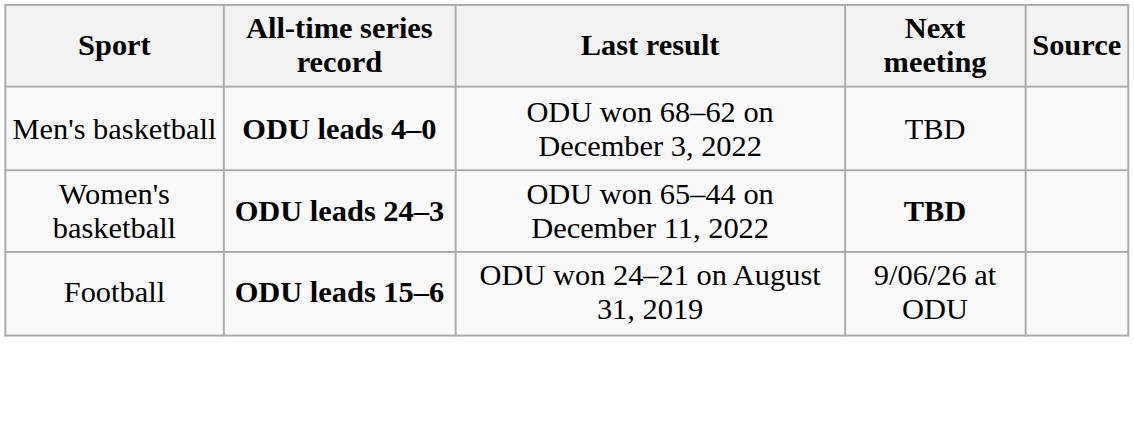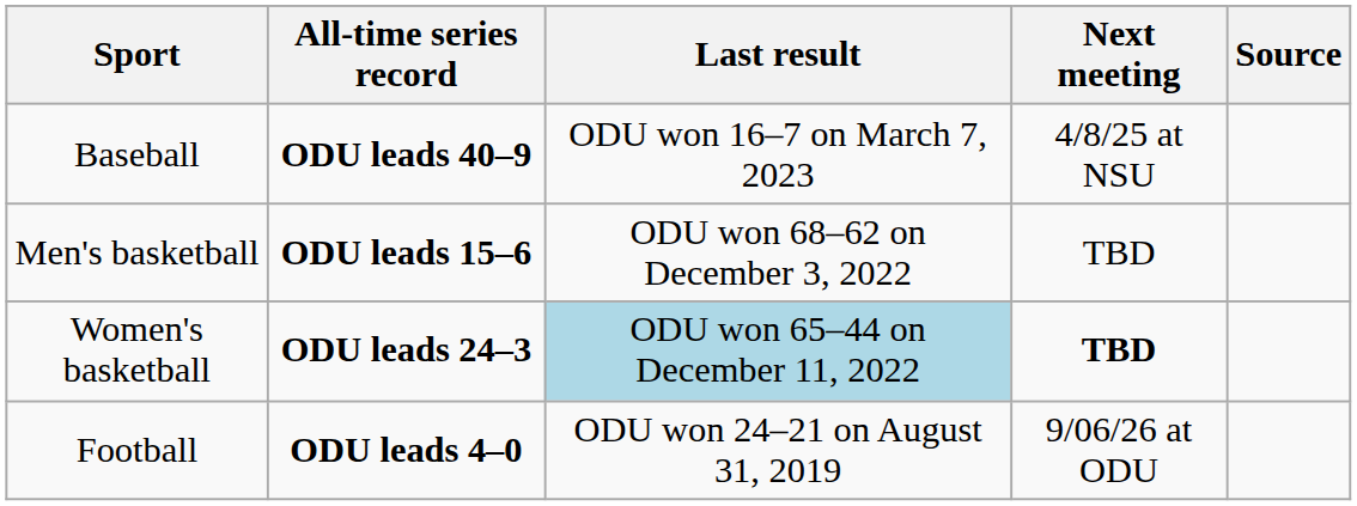 <table class="wikitable" style="margin-left: 1em; margin-bottom: 1em; text-align: center">
 <tr>
 <th>Sport</th>
 <th>All-time series record</th>
 <th>Last result</th>
 <th>Next meeting</th>
 <th>Source</th>
 </tr>
 <tr>
+<td>Baseball</td>
+<td><strong>ODU leads 40–9</strong></td>
+<td>ODU won 16–7 on March 7, 2023</td>
+<td>4/8/25 at NSU</td>
+<td></td>
+</tr>
+<tr>
 <td>Men's basketball</td>
-<td><strong>ODU leads 4–0</strong></td>
+<td><strong>ODU leads 15–6</strong></td>
 <td>ODU won 68–62 on December 3, 2022</td>
 <td>TBD</td>
 <td></td>
 </tr>
 <tr>
 <td>Women's basketball</td>
 <td><strong>ODU leads 24–3</strong></td>
-<td>ODU won 65–44 on December 11, 2022</td>
+<td style="background: lightblue;">ODU won 65–44 on December 11, 2022</td>
 <td><strong>TBD</strong></td>
 <td></td>
 </tr>
 <tr>
 <td>Football</td>
-<td><strong>ODU leads 15–6</strong></td>
+<td><strong>ODU leads 4–0</strong></td>
 <td>ODU won 24–21 on August 31, 2019</td>
 <td>9/06/26 at ODU</td>
 <td></td>
 </tr>
 </table>
